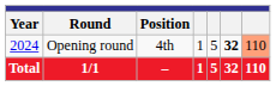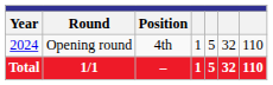 <table class="wikitable" style="text-align: center;">
 <tr>
 <th style="background:#303092;" colspan="7"><a href='#'></a></th>
 </tr>
 <tr>
 <th>Year</th>
 <th>Round</th>
 <th>Position</th>
 <th></th>
 <th></th>
 <th></th>
 <th></th>
 </tr>
 <tr>
 <td> <a href='#'>2024</a></td>
 <td>Opening round</td>
 <td>4th</td>
 <td>1</td>
 <td>5</td>
-<td><strong>32</strong></td>
-<td style="background: lightsalmon;">110</td>
+<td>32</td>
+<td>110</td>
 </tr>
 <tr>
 <th style="color:white; background:#EE1A28;">Total</th>
 <th style="color:white; background:#EE1A28;">1/1</th>
 <th style="color:white; background:#EE1A28;">–</th>
 <th style="color:white; background:#EE1A28;">1</th>
 <th style="color:white; background:#EE1A28;">5</th>
 <th style="color:white; background:#EE1A28;">32</th>
 <th style="color:white; background:#EE1A28;">110</th>
 </tr>
 </table>
